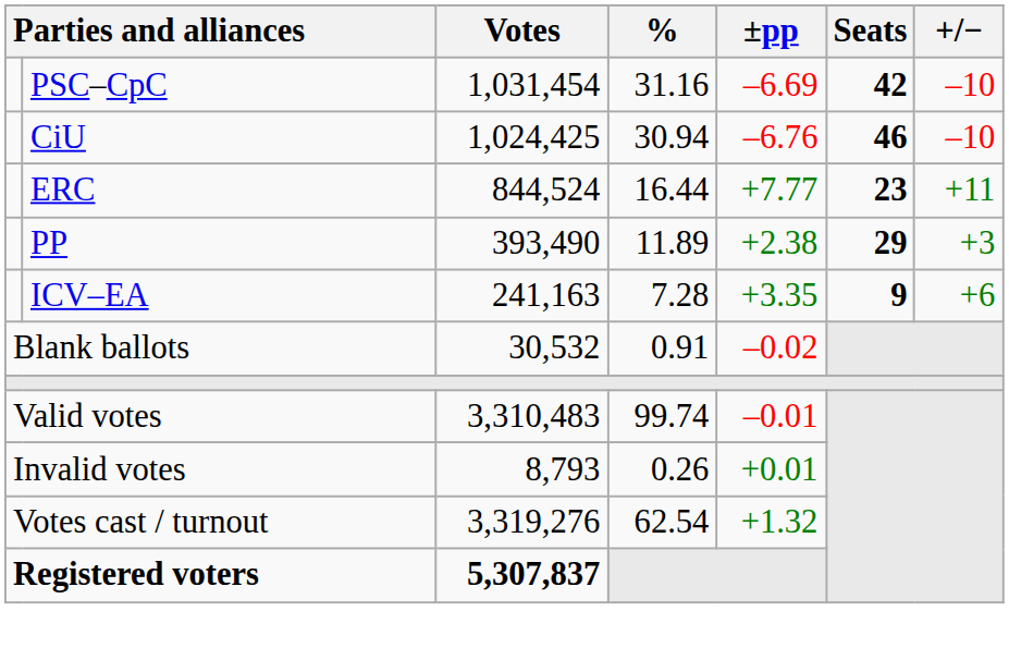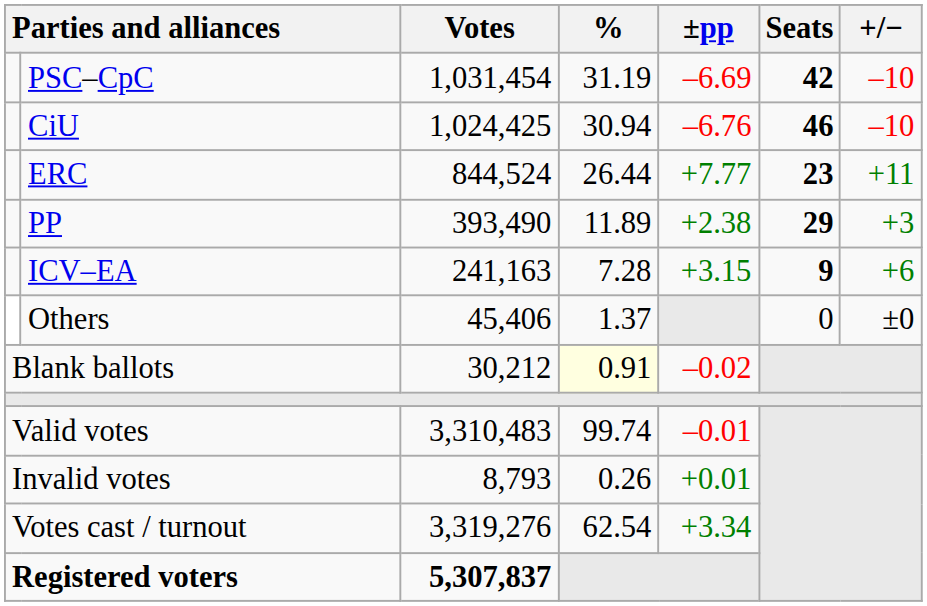 <table class="wikitable" style="text-align:right;">
 <tr>
 <th style="text-align:left;" colspan="2" width="200">Parties and alliances</th>
 <th width="75">Votes</th>
 <th width="45">%</th>
 <th width="45">±<a href='#'>pp</a></th>
 <th width="35">Seats</th>
 <th width="35">+/−</th>
 </tr>
 <tr>
 <td width="1" style="color:inherit;background:"></td>
 <td align="left"><a href='#'>PSC</a>–<a href='#'>CpC</a></td>
 <td>1,031,454</td>
-<td>31.16</td>
+<td>31.19</td>
 <td style="color:red;">–6.69</td>
 <td><strong>42</strong></td>
 <td style="color:red;">–10</td>
 </tr>
 <tr>
 <td style="color:inherit;background:"></td>
 <td align="left"><a href='#'>CiU</a></td>
 <td>1,024,425</td>
 <td>30.94</td>
 <td style="color:red;">–6.76</td>
 <td><strong>46</strong></td>
 <td style="color:red;">–10</td>
 </tr>
 <tr>
 <td style="color:inherit;background:"></td>
 <td align="left"><a href='#'>ERC</a></td>
 <td>844,524</td>
-<td>16.44</td>
+<td>26.44</td>
 <td style="color:green;">+7.77</td>
 <td><strong>23</strong></td>
 <td style="color:green;">+11</td>
 </tr>
 <tr>
 <td style="color:inherit;background:"></td>
 <td align="left"><a href='#'>PP</a></td>
 <td>393,490</td>
 <td>11.89</td>
 <td style="color:green;">+2.38</td>
 <td><strong>29</strong></td>
 <td style="color:green;">+3</td>
 </tr>
 <tr>
 <td style="color:inherit;background:"></td>
 <td align="left"><a href='#'>ICV–EA</a></td>
 <td>241,163</td>
 <td>7.28</td>
-<td style="color:green;">+3.35</td>
+<td style="color:green;">+3.15</td>
 <td><strong>9</strong></td>
 <td style="color:green;">+6</td>
 </tr>
 <tr>
+<td bgcolor="white"></td>
+<td align="left">Others</td>
+<td>45,406</td>
+<td>1.37</td>
+<td bgcolor="#E9E9E9"></td>
+<td>0</td>
+<td>±0</td>
+</tr>
+<tr>
 <td align="left" colspan="2">Blank ballots</td>
-<td>30,532</td>
-<td>0.91</td>
+<td>30,212</td>
+<td style="background: lightyellow;">0.91</td>
 <td style="color:red;">–0.02</td>
 <td bgcolor="#E9E9E9" colspan="2"></td>
 </tr>
 <tr>
 <td colspan="7" bgcolor="#E9E9E9"></td>
 </tr>
 <tr>
 <td align="left" colspan="2">Valid votes</td>
 <td>3,310,483</td>
 <td>99.74</td>
 <td style="color:red;">–0.01</td>
 <td bgcolor="#E9E9E9" colspan="2" rowspan="4"></td>
 </tr>
 <tr>
 <td align="left" colspan="2">Invalid votes</td>
 <td>8,793</td>
 <td>0.26</td>
 <td style="color:green;">+0.01</td>
 </tr>
 <tr>
 <td align="left" colspan="2">Votes cast / turnout</td>
 <td>3,319,276</td>
 <td>62.54</td>
-<td style="color:green;">+1.32</td>
+<td style="color:green;">+3.34</td>
 </tr>
 <tr style="font-weight:bold;">
 <td align="left" colspan="2">Registered voters</td>
 <td>5,307,837</td>
 <td bgcolor="#E9E9E9" colspan="2"></td>
 </tr>
 </table>
